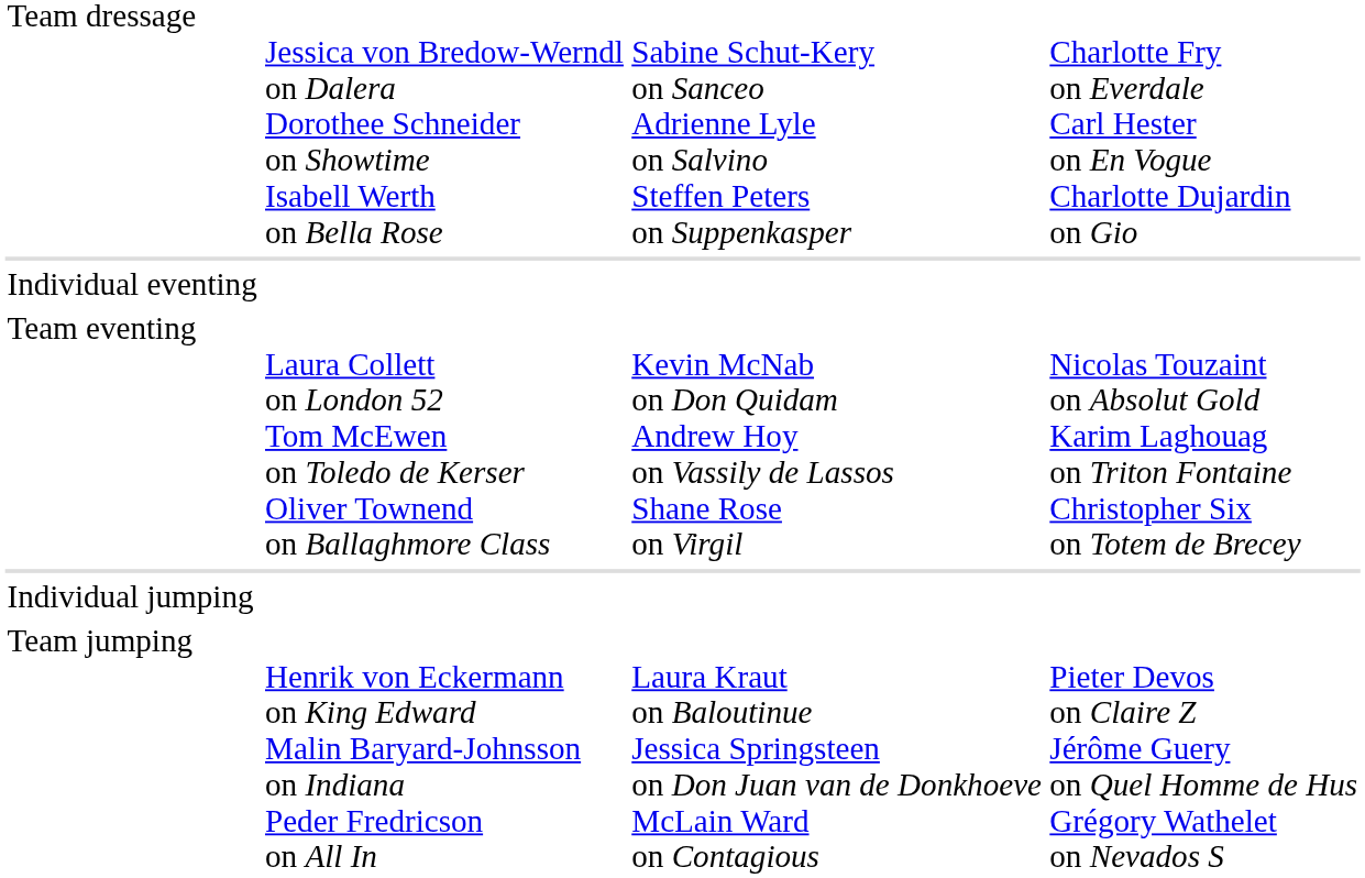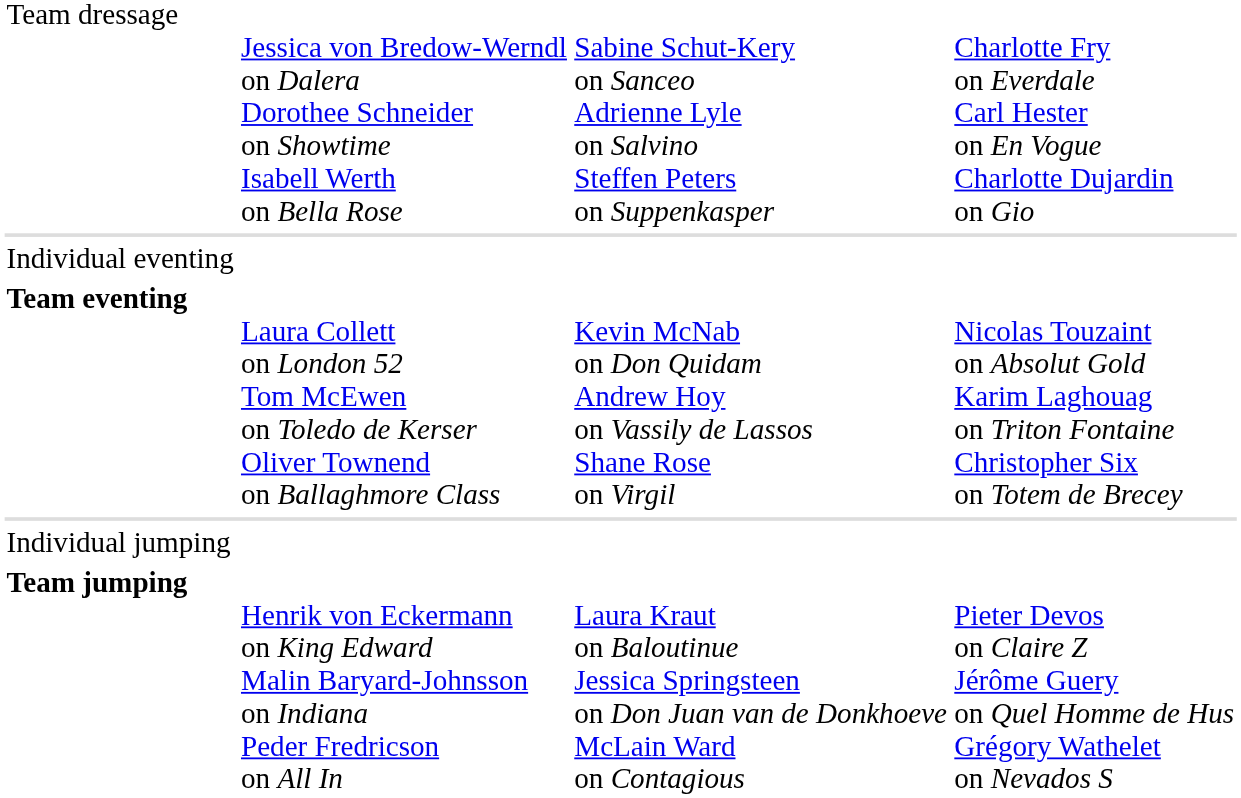 <table>
 <tr valign="top">
 <td><br></td>
 <td nowrap></td>
 <td></td>
 <td></td>
 </tr>
 <tr valign="top">
 <td>Team dressage<br></td>
 <td><br><a href='#'>Jessica von Bredow-Werndl</a><br> on <em>Dalera</em><br><a href='#'>Dorothee Schneider</a><br> on <em>Showtime</em><br><a href='#'>Isabell Werth</a><br> on <em>Bella Rose</em></td>
 <td><br><a href='#'>Sabine Schut-Kery</a><br> on <em>Sanceo</em><br><a href='#'>Adrienne Lyle</a><br> on <em>Salvino</em><br><a href='#'>Steffen Peters</a><br> on <em>Suppenkasper</em></td>
 <td><br><a href='#'>Charlotte Fry</a><br> on <em>Everdale</em><br><a href='#'>Carl Hester</a><br> on <em>En Vogue</em><br><a href='#'>Charlotte Dujardin</a><br> on <em>Gio</em></td>
 </tr>
 <tr bgcolor=#DDDDDD>
 <td colspan=7></td>
 </tr>
 <tr>
 <td>Individual eventing<br></td>
 <td></td>
 <td></td>
 <td></td>
 </tr>
 <tr valign="top">
-<td>Team eventing<br></td>
+<td><strong>Team eventing<br></strong></td>
 <td><br><a href='#'>Laura Collett</a><br> on <em>London 52</em><br><a href='#'>Tom McEwen</a><br> on <em>Toledo de Kerser</em> <br><a href='#'>Oliver Townend</a><br> on <em>Ballaghmore Class</em></td>
 <td><br><a href='#'>Kevin McNab</a><br> on <em>Don Quidam</em><br><a href='#'>Andrew Hoy</a><br> on <em>Vassily de Lassos</em><br><a href='#'>Shane Rose</a><br> on <em>Virgil</em></td>
 <td><br><a href='#'>Nicolas Touzaint</a><br> on <em>Absolut Gold</em><br><a href='#'>Karim Laghouag</a><br> on <em>Triton Fontaine</em><br><a href='#'>Christopher Six</a><br> on <em>Totem de Brecey</em></td>
 </tr>
 <tr bgcolor=#DDDDDD>
 <td colspan=7></td>
 </tr>
 <tr>
 <td>Individual jumping<br></td>
 <td></td>
 <td></td>
 <td nowrap></td>
 </tr>
 <tr valign="top">
-<td>Team jumping<br></td>
+<td><strong>Team jumping<br></strong></td>
 <td><br><a href='#'>Henrik von Eckermann</a><br> on <em>King Edward</em><br> <a href='#'>Malin Baryard-Johnsson</a><br> on <em>Indiana</em><br><a href='#'>Peder Fredricson</a><br> on <em>All In</em></td>
 <td nowrap><br><a href='#'>Laura Kraut</a><br> on <em>Baloutinue</em><br> <a href='#'>Jessica Springsteen</a><br> on <em>Don Juan van de Donkhoeve</em><br> <a href='#'>McLain Ward</a><br> on <em>Contagious</em></td>
 <td><br><a href='#'>Pieter Devos</a><br> on <em>Claire Z</em><br> <a href='#'>Jérôme Guery</a><br> on <em>Quel Homme de Hus</em><br> <a href='#'>Grégory Wathelet</a><br> on <em>Nevados S</em></td>
 </tr>
 </table>
